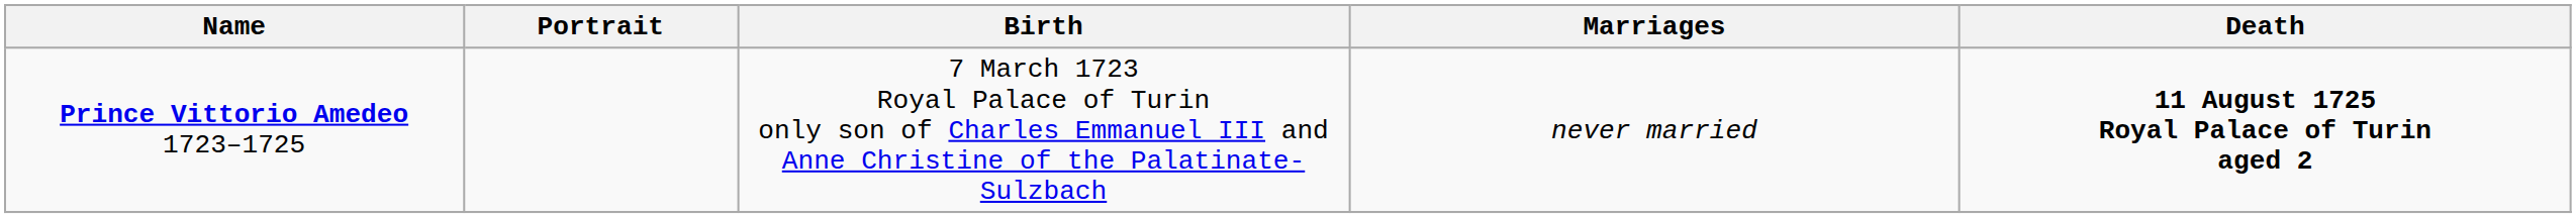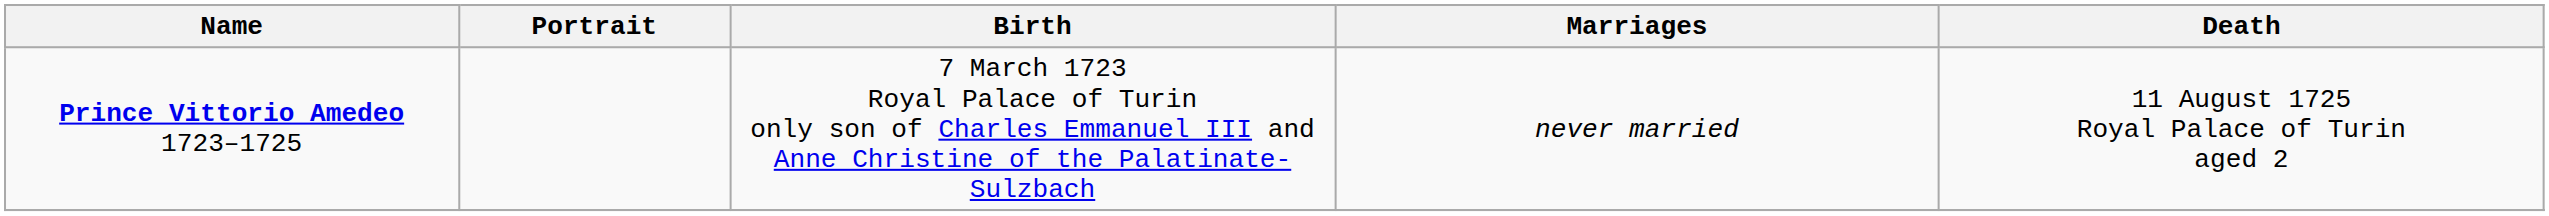 <table style="text-align:center; width:100%" class="wikitable">
 <tr>
 <th width=15%>Name</th>
 <th width=9%>Portrait</th>
 <th width=20%>Birth</th>
 <th width=20%>Marriages</th>
 <th width=20%>Death</th>
 </tr>
 <tr>
 <td width=auto><strong><a href='#'>Prince Vittorio Amedeo</a></strong><br>1723–1725</td>
 <td></td>
 <td>7 March 1723<br>Royal Palace of Turin<br>only son of <a href='#'>Charles Emmanuel III</a> and <a href='#'>Anne Christine of the Palatinate-Sulzbach</a></td>
 <td><em>never married</em></td>
-<td><strong>11 August 1725<br>Royal Palace of Turin<br>aged 2</strong></td>
+<td>11 August 1725<br>Royal Palace of Turin<br>aged 2</td>
 </tr>
 <tr>
 </tr>
 </table>
